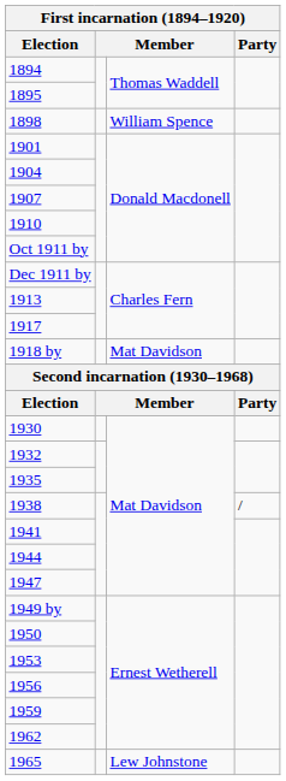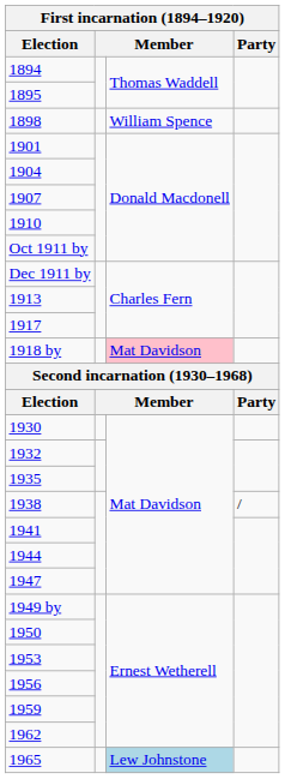 <table class="wikitable">
 <tr>
 <th colspan="4">First incarnation (1894–1920)</th>
 </tr>
 <tr>
 <th>Election</th>
 <th colspan="2">Member</th>
 <th>Party</th>
 </tr>
 <tr>
 <td><a href='#'>1894</a></td>
 <td rowspan="2" > </td>
 <td rowspan="2"><a href='#'>Thomas Waddell</a></td>
 <td rowspan="2"></td>
 </tr>
 <tr>
 <td><a href='#'>1895</a></td>
 </tr>
 <tr>
 <td><a href='#'>1898</a></td>
 <td> </td>
 <td><a href='#'>William Spence</a></td>
 <td></td>
 </tr>
 <tr>
 <td><a href='#'>1901</a></td>
 <td rowspan="5" > </td>
 <td rowspan="5"><a href='#'>Donald Macdonell</a></td>
 <td rowspan="5"></td>
 </tr>
 <tr>
 <td><a href='#'>1904</a></td>
 </tr>
 <tr>
 <td><a href='#'>1907</a></td>
 </tr>
 <tr>
 <td><a href='#'>1910</a></td>
 </tr>
 <tr>
 <td><a href='#'>Oct 1911 by</a></td>
 </tr>
 <tr>
 <td><a href='#'>Dec 1911 by</a></td>
 <td rowspan="3" > </td>
 <td rowspan="3"><a href='#'>Charles Fern</a></td>
 <td rowspan="3"></td>
 </tr>
 <tr>
 <td><a href='#'>1913</a></td>
 </tr>
 <tr>
 <td><a href='#'>1917</a></td>
 </tr>
 <tr>
 <td><a href='#'>1918 by</a></td>
 <td> </td>
-<td><a href='#'>Mat Davidson</a></td>
+<td style="background: pink;"><a href='#'>Mat Davidson</a></td>
 <td></td>
 </tr>
 <tr>
 <th colspan="4">Second incarnation (1930–1968)</th>
 </tr>
 <tr>
 <th>Election</th>
 <th colspan="2">Member</th>
 <th>Party</th>
 </tr>
 <tr>
 <td><a href='#'>1930</a></td>
 <td> </td>
 <td rowspan="7"><a href='#'>Mat Davidson</a></td>
 <td></td>
 </tr>
 <tr>
 <td><a href='#'>1932</a></td>
 <td rowspan="2" > </td>
 <td rowspan="2"></td>
 </tr>
 <tr>
 <td><a href='#'>1935</a></td>
 </tr>
 <tr>
 <td><a href='#'>1938</a></td>
 <td rowspan="4" > </td>
 <td> / </td>
 </tr>
 <tr>
 <td><a href='#'>1941</a></td>
 <td rowspan="3"></td>
 </tr>
 <tr>
 <td><a href='#'>1944</a></td>
 </tr>
 <tr>
 <td><a href='#'>1947</a></td>
 </tr>
 <tr>
 <td><a href='#'>1949 by</a></td>
 <td rowspan="6" > </td>
 <td rowspan="6"><a href='#'>Ernest Wetherell</a></td>
 <td rowspan="6"></td>
 </tr>
 <tr>
 <td><a href='#'>1950</a></td>
 </tr>
 <tr>
 <td><a href='#'>1953</a></td>
 </tr>
 <tr>
 <td><a href='#'>1956</a></td>
 </tr>
 <tr>
 <td><a href='#'>1959</a></td>
 </tr>
 <tr>
 <td><a href='#'>1962</a></td>
 </tr>
 <tr>
 <td><a href='#'>1965</a></td>
 <td> </td>
-<td><a href='#'>Lew Johnstone</a></td>
+<td style="background: lightblue;"><a href='#'>Lew Johnstone</a></td>
 <td></td>
 </tr>
 </table>
